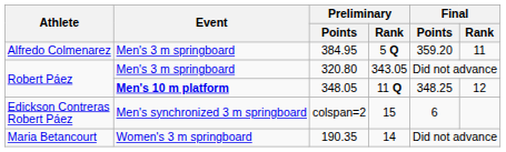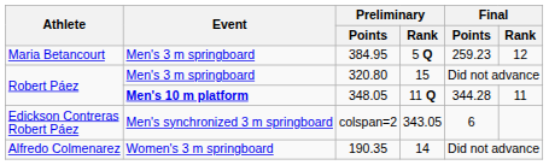 <table class=wikitable style="font-size:90%">
 <tr>
 <th rowspan="2">Athlete</th>
 <th rowspan="2">Event</th>
 <th colspan="2">Preliminary</th>
 <th colspan="2">Final</th>
 </tr>
 <tr>
 <th>Points</th>
 <th>Rank</th>
 <th>Points</th>
 <th>Rank</th>
 </tr>
 <tr align=center>
-<td align=left><a href='#'>Alfredo Colmenarez</a></td>
+<td align=left><a href='#'>Maria Betancourt</a></td>
 <td align=left><a href='#'>Men's 3 m springboard</a></td>
 <td>384.95</td>
 <td>5 <strong>Q</strong></td>
-<td>359.20</td>
-<td>11</td>
+<td>259.23</td>
+<td>12</td>
 </tr>
 <tr align=center>
 <td align=left rowspan=2><a href='#'>Robert Páez</a></td>
 <td align=left><a href='#'>Men's 3 m springboard</a></td>
 <td>320.80</td>
-<td>343.05</td>
+<td>15</td>
 <td colspan=2>Did not advance</td>
 </tr>
 <tr align=center>
 <td align=left><strong><a href='#'>Men's 10 m platform</a></strong></td>
 <td>348.05</td>
 <td>11 <strong>Q</strong></td>
-<td>348.25</td>
-<td>12</td>
+<td>344.28</td>
+<td>11</td>
 </tr>
 <tr align=center>
 <td align=left><a href='#'>Edickson Contreras</a><br><a href='#'>Robert Páez</a></td>
 <td align=left><a href='#'>Men's synchronized 3 m springboard</a></td>
 <td>colspan=2 </td>
-<td>15</td>
+<td>343.05</td>
 <td>6</td>
 </tr>
 <tr align=center>
-<td align=left><a href='#'>Maria Betancourt</a></td>
+<td align=left><a href='#'>Alfredo Colmenarez</a></td>
 <td align=left><a href='#'>Women's 3 m springboard</a></td>
 <td>190.35</td>
 <td>14</td>
 <td colspan=2>Did not advance</td>
 </tr>
 </table>
